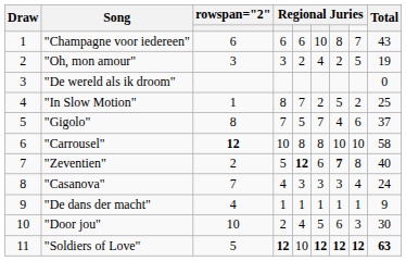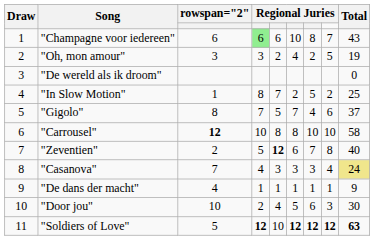 <table class="wikitable plainrowheaders" style="margin: 1em auto 1em auto; text-align:center;">
 <tr>
 <th rowspan="2">Draw</th>
 <th rowspan="2">Song</th>
 <th>rowspan="2" </th>
 <th colspan="5">Regional Juries</th>
 <th rowspan="2">Total</th>
 </tr>
 <tr>
 <th></th>
 <th></th>
 <th></th>
 <th></th>
 <th></th>
 </tr>
 <tr --->
 <td>1</td>
 <td align="left">"Champagne voor iedereen"</td>
 <td>6</td>
-<td>6</td>
+<td style="background: lightgreen;">6</td>
 <td>6</td>
 <td>10</td>
 <td>8</td>
 <td>7</td>
 <td>43</td>
 </tr>
 <tr --->
 <td>2</td>
 <td align="left">"Oh, mon amour"</td>
 <td>3</td>
 <td>3</td>
 <td>2</td>
 <td>4</td>
 <td>2</td>
 <td>5</td>
 <td>19</td>
 </tr>
 <tr --->
 <td>3</td>
 <td align="left">"De wereld als ik droom"</td>
 <td></td>
 <td></td>
 <td></td>
 <td></td>
 <td></td>
 <td></td>
 <td>0</td>
 </tr>
 <tr --->
 <td>4</td>
 <td align="left">"In Slow Motion"</td>
 <td>1</td>
 <td>8</td>
 <td>7</td>
 <td>2</td>
 <td>5</td>
 <td>2</td>
 <td>25</td>
 </tr>
 <tr --->
 <td>5</td>
 <td align="left">"Gigolo"</td>
 <td>8</td>
 <td>7</td>
 <td>5</td>
 <td>7</td>
 <td>4</td>
 <td>6</td>
 <td>37</td>
 </tr>
 <tr --->
 <td>6</td>
 <td align="left">"Carrousel"</td>
 <td><strong>12</strong></td>
 <td>10</td>
 <td>8</td>
 <td>8</td>
 <td>10</td>
 <td>10</td>
 <td>58</td>
 </tr>
 <tr --->
 <td>7</td>
 <td align="left">"Zeventien"</td>
 <td>2</td>
 <td>5</td>
 <td><strong>12</strong></td>
 <td>6</td>
-<td><strong>7</strong></td>
+<td>7</td>
 <td>8</td>
 <td>40</td>
 </tr>
 <tr --->
 <td>8</td>
 <td align="left">"Casanova"</td>
 <td>7</td>
 <td>4</td>
 <td>3</td>
 <td>3</td>
 <td>3</td>
 <td>4</td>
-<td>24</td>
+<td style="background: khaki;">24</td>
 </tr>
 <tr --->
 <td>9</td>
 <td align="left">"De dans der macht"</td>
 <td>4</td>
 <td>1</td>
 <td>1</td>
 <td>1</td>
 <td>1</td>
 <td>1</td>
 <td>9</td>
 </tr>
 <tr --->
 <td>10</td>
 <td align="left">"Door jou"</td>
 <td>10</td>
 <td>2</td>
 <td>4</td>
 <td>5</td>
 <td>6</td>
 <td>3</td>
 <td>30</td>
 </tr>
 <tr --->
 <td>11</td>
 <td align="left">"Soldiers of Love"</td>
 <td>5</td>
 <td><strong>12</strong></td>
 <td>10</td>
 <td><strong>12</strong></td>
 <td><strong>12</strong></td>
 <td><strong>12</strong></td>
 <td><strong>63</strong></td>
 </tr>
 </table>
